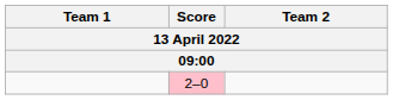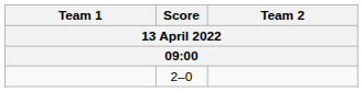 <table class="wikitable" style="text-align: center; font-size:90% ">
 <tr>
 <th align="right" width="160">Team 1</th>
 <th width="50">Score</th>
 <th align="left" width="160">Team 2</th>
 </tr>
 <tr>
 <th colspan=3>13 April 2022</th>
 </tr>
 <tr>
 <th colspan=3>09:00</th>
 </tr>
 <tr>
 <td align=right></td>
-<td align=center style="background: pink;">2–0</td>
+<td align=center>2–0</td>
 <td align=left></td>
 </tr>
 </table>
